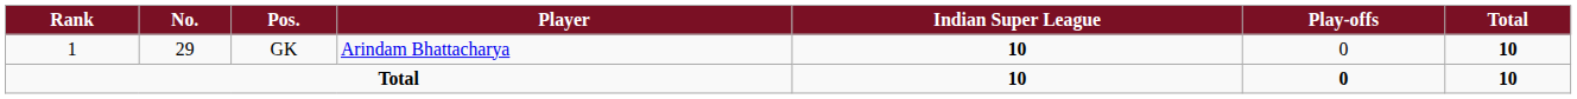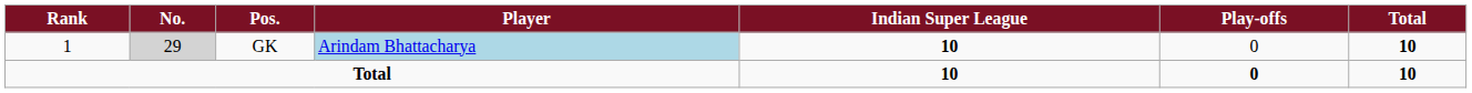 <table class="wikitable sortable" style="text-align:center;width:85%;">
 <tr>
 <th style=background-color:#7A1024;color:white>Rank</th>
 <th style=background-color:#7A1024;color:white>No.</th>
 <th style=background-color:#7A1024;color:white>Pos.</th>
 <th style=background-color:#7A1024;color:white>Player</th>
 <th style=background-color:#7A1024;color:white>Indian Super League</th>
 <th style=background-color:#7A1024;color:white>Play-offs</th>
 <th style=background-color:#7A1024;color:white>Total</th>
 </tr>
 <tr>
 <td>1</td>
-<td>29</td>
+<td style="background: lightgrey;">29</td>
 <td>GK</td>
-<td align=left> <a href='#'>Arindam Bhattacharya</a></td>
+<td align=left style="background: lightblue;"> <a href='#'>Arindam Bhattacharya</a></td>
 <td><strong>10</strong></td>
 <td>0</td>
 <td><strong>10</strong></td>
 </tr>
 <tr>
 <td colspan=4><strong>Total</strong></td>
 <td><strong>10</strong></td>
 <td><strong>0</strong></td>
 <td><strong>10</strong></td>
 </tr>
 </table>
